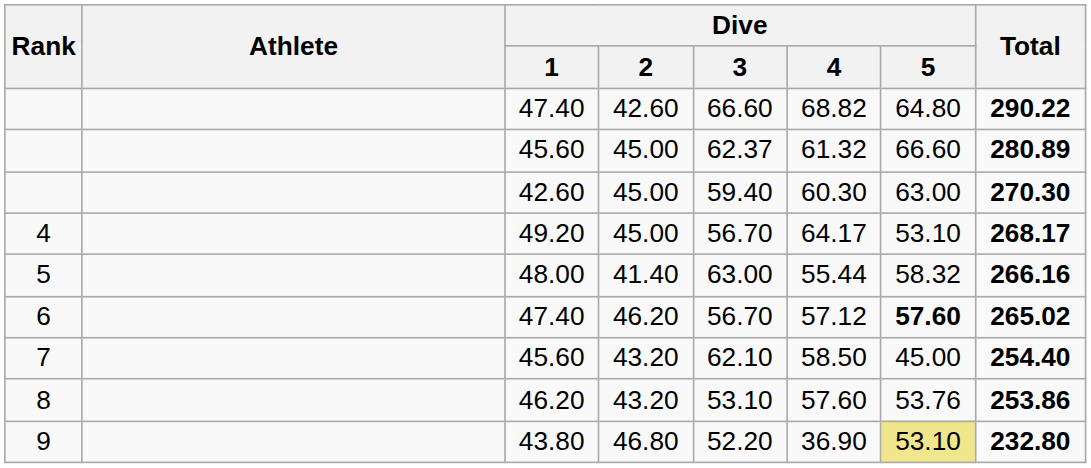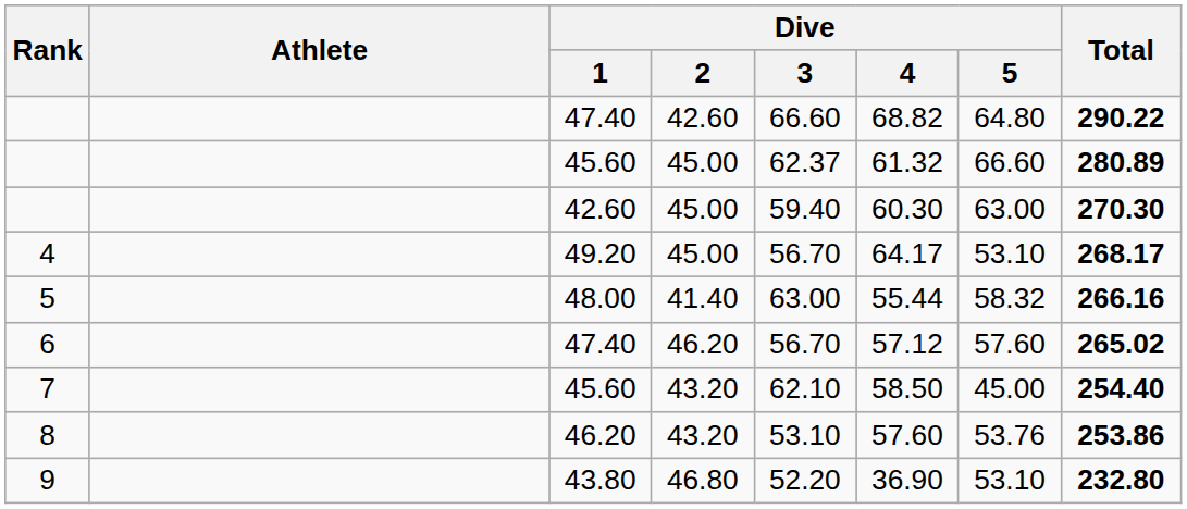 <table class="wikitable" style="text-align:center">
 <tr>
 <th rowspan="2" width="40">Rank</th>
 <th rowspan="2" width="250">Athlete</th>
 <th colspan="5">Dive</th>
 <th rowspan="2" width="60">Total</th>
 </tr>
 <tr>
 <th width="50">1</th>
 <th width="50">2</th>
 <th width="50">3</th>
 <th width="50">4</th>
 <th width="50">5</th>
 </tr>
 <tr>
 <td></td>
 <td align="left"><br></td>
 <td>47.40</td>
 <td>42.60</td>
 <td>66.60</td>
 <td>68.82</td>
 <td>64.80</td>
 <td><strong>290.22</strong></td>
 </tr>
 <tr>
 <td></td>
 <td align="left"><br></td>
 <td>45.60</td>
 <td>45.00</td>
 <td>62.37</td>
 <td>61.32</td>
 <td>66.60</td>
 <td><strong>280.89</strong></td>
 </tr>
 <tr>
 <td></td>
 <td align="left"><br></td>
 <td>42.60</td>
 <td>45.00</td>
 <td>59.40</td>
 <td>60.30</td>
 <td>63.00</td>
 <td><strong>270.30</strong></td>
 </tr>
 <tr>
 <td>4</td>
 <td align="left"><br></td>
 <td>49.20</td>
 <td>45.00</td>
 <td>56.70</td>
 <td>64.17</td>
 <td>53.10</td>
 <td><strong>268.17</strong></td>
 </tr>
 <tr>
 <td>5</td>
 <td align="left"><br></td>
 <td>48.00</td>
 <td>41.40</td>
 <td>63.00</td>
 <td>55.44</td>
 <td>58.32</td>
 <td><strong>266.16</strong></td>
 </tr>
 <tr>
 <td>6</td>
 <td align="left"><br></td>
 <td>47.40</td>
 <td>46.20</td>
 <td>56.70</td>
 <td>57.12</td>
-<td><strong>57.60</strong></td>
+<td>57.60</td>
 <td><strong>265.02</strong></td>
 </tr>
 <tr>
 <td>7</td>
 <td align="left"><br></td>
 <td>45.60</td>
 <td>43.20</td>
 <td>62.10</td>
 <td>58.50</td>
 <td>45.00</td>
 <td><strong>254.40</strong></td>
 </tr>
 <tr>
 <td>8</td>
 <td align="left"><br></td>
 <td>46.20</td>
 <td>43.20</td>
 <td>53.10</td>
 <td>57.60</td>
 <td>53.76</td>
 <td><strong>253.86</strong></td>
 </tr>
 <tr>
 <td>9</td>
 <td align="left"><br></td>
 <td>43.80</td>
 <td>46.80</td>
 <td>52.20</td>
 <td>36.90</td>
-<td style="background: khaki;">53.10</td>
+<td>53.10</td>
 <td><strong>232.80</strong></td>
 </tr>
 </table>
